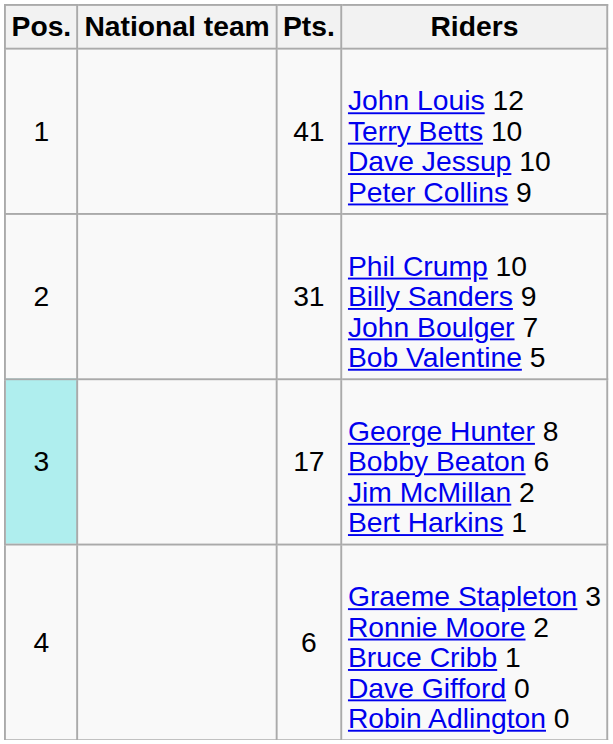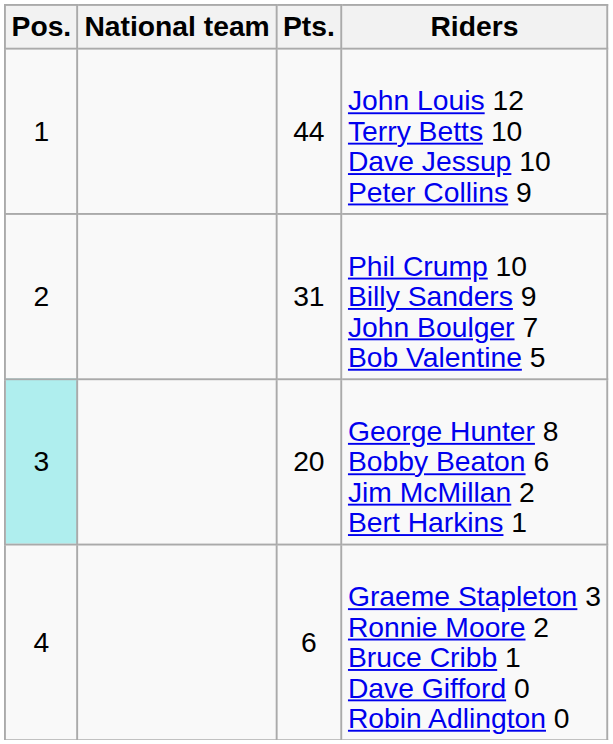 <table class=wikitable style="font-size:93%;">
 <tr>
 <th>Pos.</th>
 <th>National team</th>
 <th>Pts.</th>
 <th>Riders</th>
 </tr>
 <tr align=center >
 <td>1</td>
 <td align=left></td>
-<td>41</td>
+<td>44</td>
 <td align=left><br><a href='#'>John Louis</a> 12<br> <a href='#'>Terry Betts</a> 10<br> <a href='#'>Dave Jessup</a> 10<br> <a href='#'>Peter Collins</a> 9</td>
 </tr>
 <tr align=center>
 <td>2</td>
 <td align=left></td>
 <td>31</td>
 <td align=left><br><a href='#'>Phil Crump</a> 10<br> <a href='#'>Billy Sanders</a> 9<br> <a href='#'>John Boulger</a> 7<br> <a href='#'>Bob Valentine</a> 5</td>
 </tr>
 <tr align=center>
 <td style="background: paleturquoise;">3</td>
 <td align=left></td>
-<td>17</td>
+<td>20</td>
 <td align=left><br><a href='#'>George Hunter</a> 8<br> <a href='#'>Bobby Beaton</a> 6<br> <a href='#'>Jim McMillan</a> 2<br> <a href='#'>Bert Harkins</a> 1</td>
 </tr>
 <tr align=center>
 <td>4</td>
 <td align=left></td>
 <td>6</td>
 <td align=left><br><a href='#'>Graeme Stapleton</a> 3<br> <a href='#'>Ronnie Moore</a> 2<br> <a href='#'>Bruce Cribb</a> 1<br> <a href='#'>Dave Gifford</a> 0<br> <a href='#'>Robin Adlington</a> 0</td>
 </tr>
 </table>
